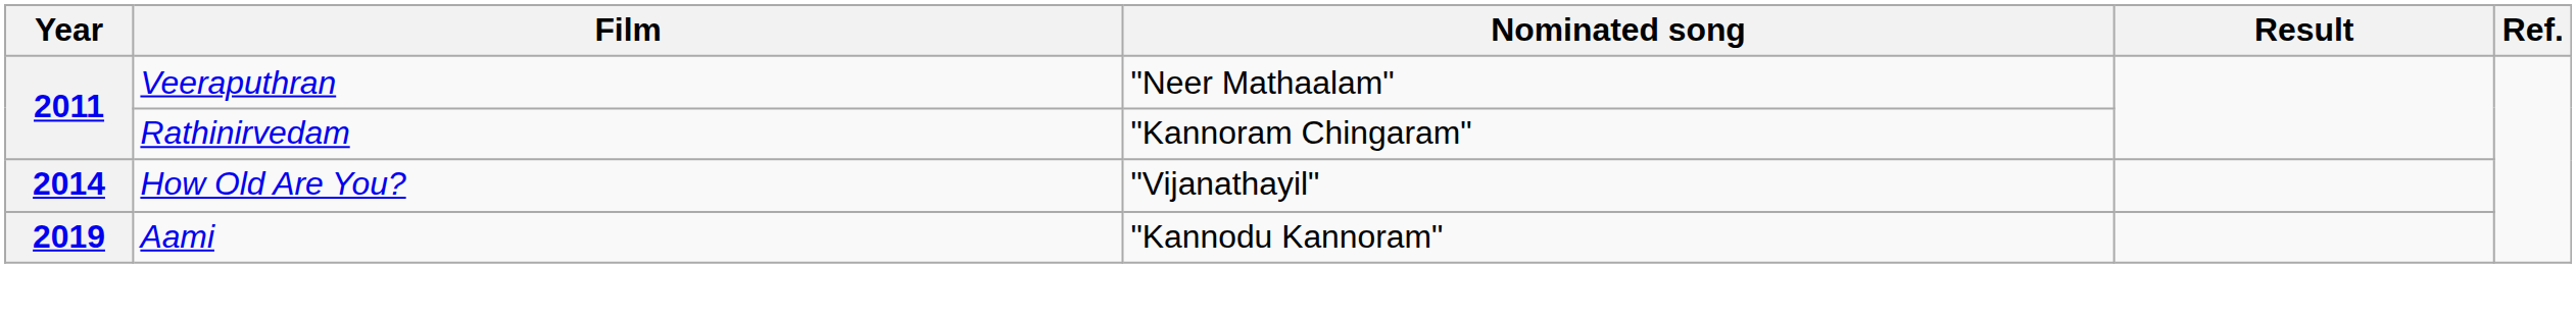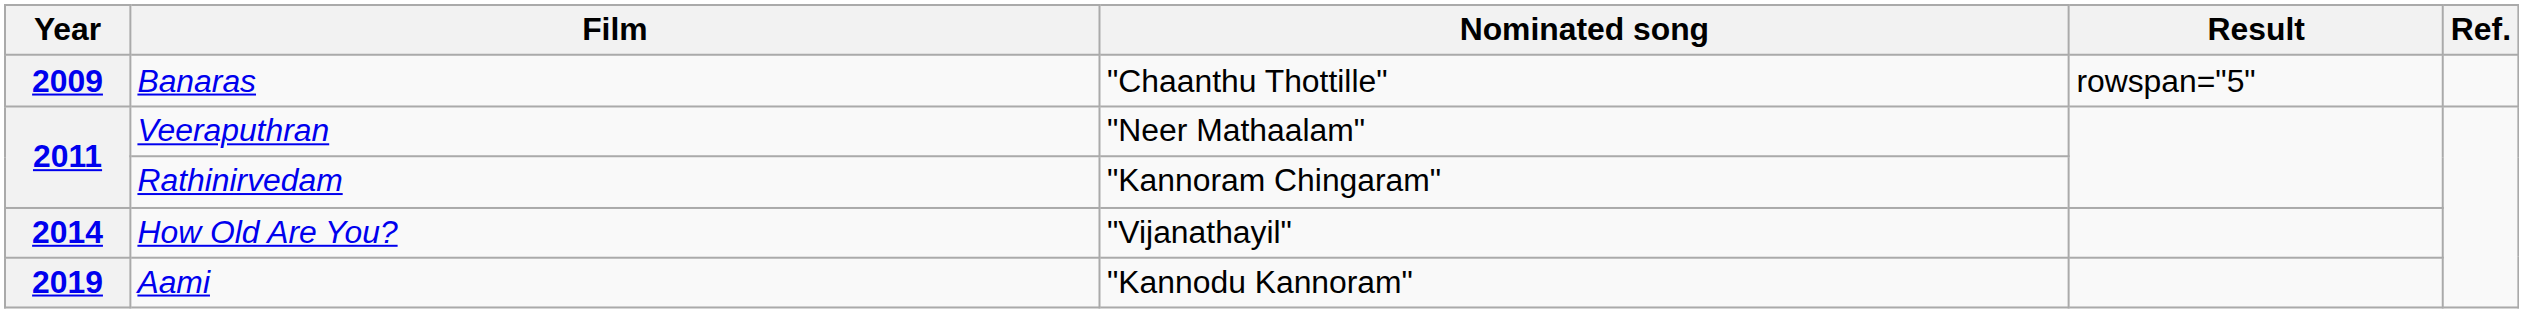 <table class="wikitable plainrowheaders" width="100%" textcolor:#000;">
 <tr>
 <th scope="col" width=5%><strong>Year</strong></th>
 <th scope="col" width=39%><strong>Film</strong></th>
 <th scope="col" width=39%><strong>Nominated song</strong></th>
 <th scope="col" width=15%><strong>Result</strong></th>
 <th scope="col" width=2%><strong>Ref.</strong></th>
+</tr>
+<tr>
+<th scope="row"><a href='#'>2009</a></th>
+<td><em><a href='#'>Banaras</a></em></td>
+<td>"Chaanthu Thottille"</td>
+<td>rowspan="5" </td>
+<td></td>
 </tr>
 <tr>
 <th scope="row" rowspan="2"><a href='#'>2011</a></th>
 <td><em><a href='#'>Veeraputhran</a></em></td>
 <td>"Neer Mathaalam"</td>
 <td rowspan="2"></td>
 </tr>
 <tr>
 <td><em><a href='#'>Rathinirvedam</a></em></td>
 <td>"Kannoram Chingaram"</td>
 </tr>
 <tr>
 <th scope="row" rowspan="1"><a href='#'>2014</a></th>
 <td><em><a href='#'>How Old Are You?</a></em></td>
 <td>"Vijanathayil"</td>
 <td rowspan="1"></td>
 </tr>
 <tr>
 <th scope="row" rowspan="1"><a href='#'>2019</a></th>
 <td><em><a href='#'>Aami</a></em></td>
 <td>"Kannodu Kannoram"</td>
 <td rowspan="1"></td>
 </tr>
 </table>
